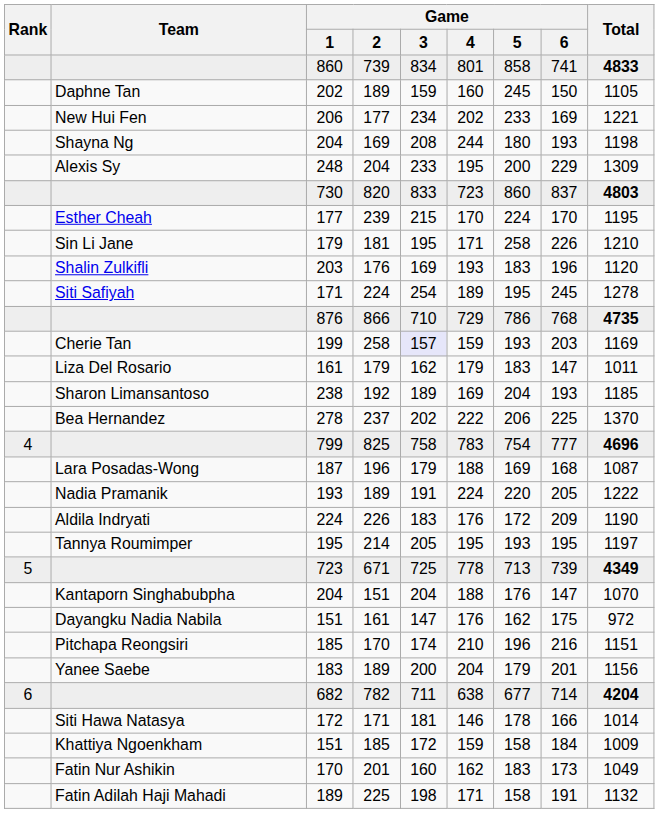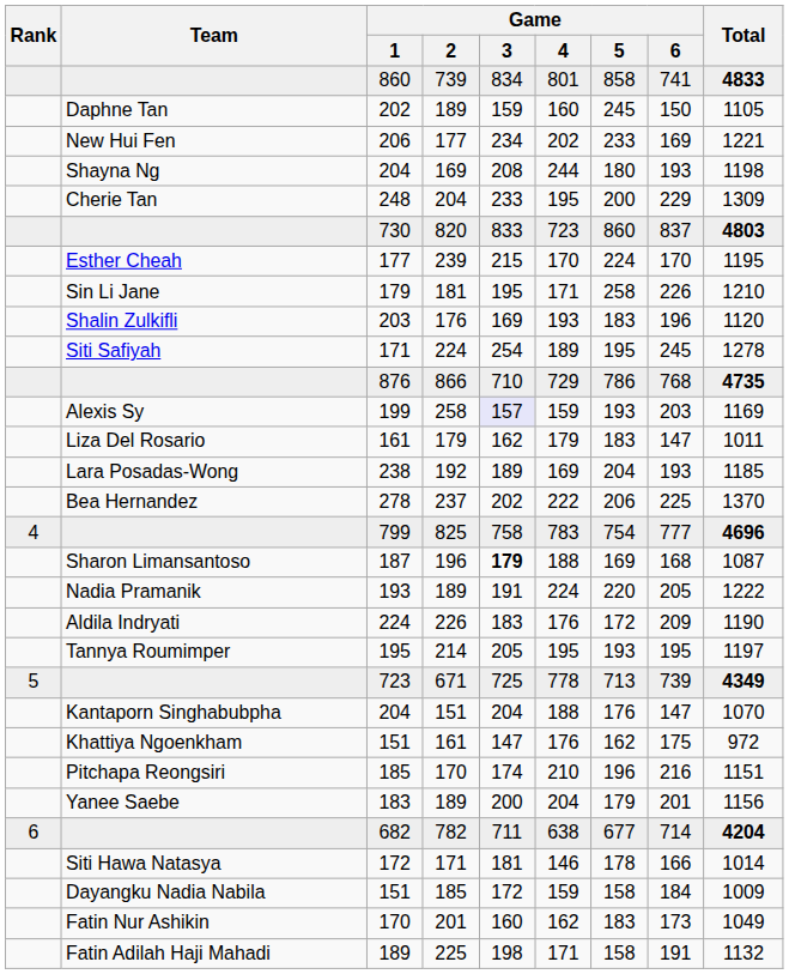 <table class=wikitable style="text-align:center">
 <tr>
 <th rowspan="2" width=40>Rank</th>
 <th rowspan="2" width=250>Team</th>
 <th colspan="6">Game</th>
 <th rowspan="2" width=60>Total</th>
 </tr>
 <tr>
 <th width=40>1</th>
 <th width=40>2</th>
 <th width=40>3</th>
 <th width=40>4</th>
 <th width=40>5</th>
 <th width=40>6</th>
 </tr>
 <tr bgcolor=eeeeee>
 <td></td>
 <td align=left></td>
 <td>860</td>
 <td>739</td>
 <td>834</td>
 <td>801</td>
 <td>858</td>
 <td>741</td>
 <td><strong>4833</strong></td>
 </tr>
 <tr>
 <td></td>
 <td align=left>Daphne Tan</td>
 <td>202</td>
 <td>189</td>
 <td>159</td>
 <td>160</td>
 <td>245</td>
 <td>150</td>
 <td>1105</td>
 </tr>
 <tr>
 <td></td>
 <td align=left>New Hui Fen</td>
 <td>206</td>
 <td>177</td>
 <td>234</td>
 <td>202</td>
 <td>233</td>
 <td>169</td>
 <td>1221</td>
 </tr>
 <tr>
 <td></td>
 <td align=left>Shayna Ng</td>
 <td>204</td>
 <td>169</td>
 <td>208</td>
 <td>244</td>
 <td>180</td>
 <td>193</td>
 <td>1198</td>
 </tr>
 <tr>
 <td></td>
-<td align=left>Alexis Sy</td>
+<td align=left>Cherie Tan</td>
 <td>248</td>
 <td>204</td>
 <td>233</td>
 <td>195</td>
 <td>200</td>
 <td>229</td>
 <td>1309</td>
 </tr>
 <tr bgcolor=eeeeee>
 <td></td>
 <td align=left></td>
 <td>730</td>
 <td>820</td>
 <td>833</td>
 <td>723</td>
 <td>860</td>
 <td>837</td>
 <td><strong>4803</strong></td>
 </tr>
 <tr>
 <td></td>
 <td align=left><a href='#'>Esther Cheah</a></td>
 <td>177</td>
 <td>239</td>
 <td>215</td>
 <td>170</td>
 <td>224</td>
 <td>170</td>
 <td>1195</td>
 </tr>
 <tr>
 <td></td>
 <td align=left>Sin Li Jane</td>
 <td>179</td>
 <td>181</td>
 <td>195</td>
 <td>171</td>
 <td>258</td>
 <td>226</td>
 <td>1210</td>
 </tr>
 <tr>
 <td></td>
 <td align=left><a href='#'>Shalin Zulkifli</a></td>
 <td>203</td>
 <td>176</td>
 <td>169</td>
 <td>193</td>
 <td>183</td>
 <td>196</td>
 <td>1120</td>
 </tr>
 <tr>
 <td></td>
 <td align=left><a href='#'>Siti Safiyah</a></td>
 <td>171</td>
 <td>224</td>
 <td>254</td>
 <td>189</td>
 <td>195</td>
 <td>245</td>
 <td>1278</td>
 </tr>
 <tr bgcolor=eeeeee>
 <td></td>
 <td align=left></td>
 <td>876</td>
 <td>866</td>
 <td>710</td>
 <td>729</td>
 <td>786</td>
 <td>768</td>
 <td><strong>4735</strong></td>
 </tr>
 <tr>
 <td></td>
-<td align=left>Cherie Tan</td>
+<td align=left>Alexis Sy</td>
 <td>199</td>
 <td>258</td>
 <td style="background: lavender;">157</td>
 <td>159</td>
 <td>193</td>
 <td>203</td>
 <td>1169</td>
 </tr>
 <tr>
 <td></td>
 <td align=left>Liza Del Rosario</td>
 <td>161</td>
 <td>179</td>
 <td>162</td>
 <td>179</td>
 <td>183</td>
 <td>147</td>
 <td>1011</td>
 </tr>
 <tr>
 <td></td>
-<td align=left>Sharon Limansantoso</td>
+<td align=left>Lara Posadas-Wong</td>
 <td>238</td>
 <td>192</td>
 <td>189</td>
 <td>169</td>
 <td>204</td>
 <td>193</td>
 <td>1185</td>
 </tr>
 <tr>
 <td></td>
 <td align=left>Bea Hernandez</td>
 <td>278</td>
 <td>237</td>
 <td>202</td>
 <td>222</td>
 <td>206</td>
 <td>225</td>
 <td>1370</td>
 </tr>
 <tr bgcolor=eeeeee>
 <td>4</td>
 <td align=left></td>
 <td>799</td>
 <td>825</td>
 <td>758</td>
 <td>783</td>
 <td>754</td>
 <td>777</td>
 <td><strong>4696</strong></td>
 </tr>
 <tr>
 <td></td>
-<td align=left>Lara Posadas-Wong</td>
+<td align=left>Sharon Limansantoso</td>
 <td>187</td>
 <td>196</td>
-<td>179</td>
+<td><strong>179</strong></td>
 <td>188</td>
 <td>169</td>
 <td>168</td>
 <td>1087</td>
 </tr>
 <tr>
 <td></td>
 <td align=left>Nadia Pramanik</td>
 <td>193</td>
 <td>189</td>
 <td>191</td>
 <td>224</td>
 <td>220</td>
 <td>205</td>
 <td>1222</td>
 </tr>
 <tr>
 <td></td>
 <td align=left>Aldila Indryati</td>
 <td>224</td>
 <td>226</td>
 <td>183</td>
 <td>176</td>
 <td>172</td>
 <td>209</td>
 <td>1190</td>
 </tr>
 <tr>
 <td></td>
 <td align=left>Tannya Roumimper</td>
 <td>195</td>
 <td>214</td>
 <td>205</td>
 <td>195</td>
 <td>193</td>
 <td>195</td>
 <td>1197</td>
 </tr>
 <tr bgcolor=eeeeee>
 <td>5</td>
 <td align=left></td>
 <td>723</td>
 <td>671</td>
 <td>725</td>
 <td>778</td>
 <td>713</td>
 <td>739</td>
 <td><strong>4349</strong></td>
 </tr>
 <tr>
 <td></td>
 <td align=left>Kantaporn Singhabubpha</td>
 <td>204</td>
 <td>151</td>
 <td>204</td>
 <td>188</td>
 <td>176</td>
 <td>147</td>
 <td>1070</td>
 </tr>
 <tr>
 <td></td>
-<td align=left>Dayangku Nadia Nabila</td>
+<td align=left>Khattiya Ngoenkham</td>
 <td>151</td>
 <td>161</td>
 <td>147</td>
 <td>176</td>
 <td>162</td>
 <td>175</td>
 <td>972</td>
 </tr>
 <tr>
 <td></td>
 <td align=left>Pitchapa Reongsiri</td>
 <td>185</td>
 <td>170</td>
 <td>174</td>
 <td>210</td>
 <td>196</td>
 <td>216</td>
 <td>1151</td>
 </tr>
 <tr>
 <td></td>
 <td align=left>Yanee Saebe</td>
 <td>183</td>
 <td>189</td>
 <td>200</td>
 <td>204</td>
 <td>179</td>
 <td>201</td>
 <td>1156</td>
 </tr>
 <tr bgcolor=eeeeee>
 <td>6</td>
 <td align=left></td>
 <td>682</td>
 <td>782</td>
 <td>711</td>
 <td>638</td>
 <td>677</td>
 <td>714</td>
 <td><strong>4204</strong></td>
 </tr>
 <tr>
 <td></td>
 <td align=left>Siti Hawa Natasya</td>
 <td>172</td>
 <td>171</td>
 <td>181</td>
 <td>146</td>
 <td>178</td>
 <td>166</td>
 <td>1014</td>
 </tr>
 <tr>
 <td></td>
-<td align=left>Khattiya Ngoenkham</td>
+<td align=left>Dayangku Nadia Nabila</td>
 <td>151</td>
 <td>185</td>
 <td>172</td>
 <td>159</td>
 <td>158</td>
 <td>184</td>
 <td>1009</td>
 </tr>
 <tr>
 <td></td>
 <td align=left>Fatin Nur Ashikin</td>
 <td>170</td>
 <td>201</td>
 <td>160</td>
 <td>162</td>
 <td>183</td>
 <td>173</td>
 <td>1049</td>
 </tr>
 <tr>
 <td></td>
 <td align=left>Fatin Adilah Haji Mahadi</td>
 <td>189</td>
 <td>225</td>
 <td>198</td>
 <td>171</td>
 <td>158</td>
 <td>191</td>
 <td>1132</td>
 </tr>
 </table>
